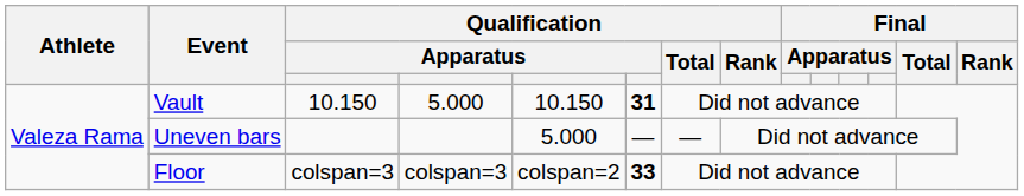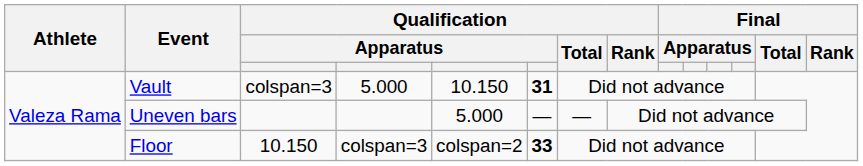 <table class="wikitable" style="font-size:90%">
 <tr>
 <th rowspan=3>Athlete</th>
 <th rowspan=3>Event</th>
 <th colspan=6>Qualification</th>
 <th colspan=6>Final</th>
 </tr>
 <tr style="font-size:95%">
 <th colspan=4>Apparatus</th>
 <th rowspan=2>Total</th>
 <th rowspan=2>Rank</th>
 <th colspan=4>Apparatus</th>
 <th rowspan=2>Total</th>
 <th rowspan=2>Rank</th>
 </tr>
 <tr style="font-size:95%">
 <th></th>
 <th></th>
 <th></th>
 <th></th>
 <th></th>
 <th></th>
 <th></th>
 <th></th>
 </tr>
 <tr align=center>
 <td align=left rowspan=3><a href='#'>Valeza Rama</a></td>
 <td align=left><a href='#'>Vault</a></td>
-<td>10.150</td>
+<td>colspan=3 </td>
 <td>5.000</td>
 <td>10.150</td>
 <td><strong>31</strong></td>
 <td colspan=6>Did not advance</td>
 </tr>
 <tr align=center>
 <td align=left><a href='#'>Uneven bars</a></td>
 <td></td>
 <td></td>
 <td>5.000</td>
 <td>—</td>
 <td>—</td>
 <td colspan=6>Did not advance</td>
 </tr>
 <tr align=center>
 <td align=left><a href='#'>Floor</a></td>
-<td>colspan=3 </td>
+<td>10.150</td>
 <td>colspan=3 </td>
 <td>colspan=2 </td>
 <td><strong>33</strong></td>
 <td colspan=6>Did not advance</td>
 </tr>
 </table>
